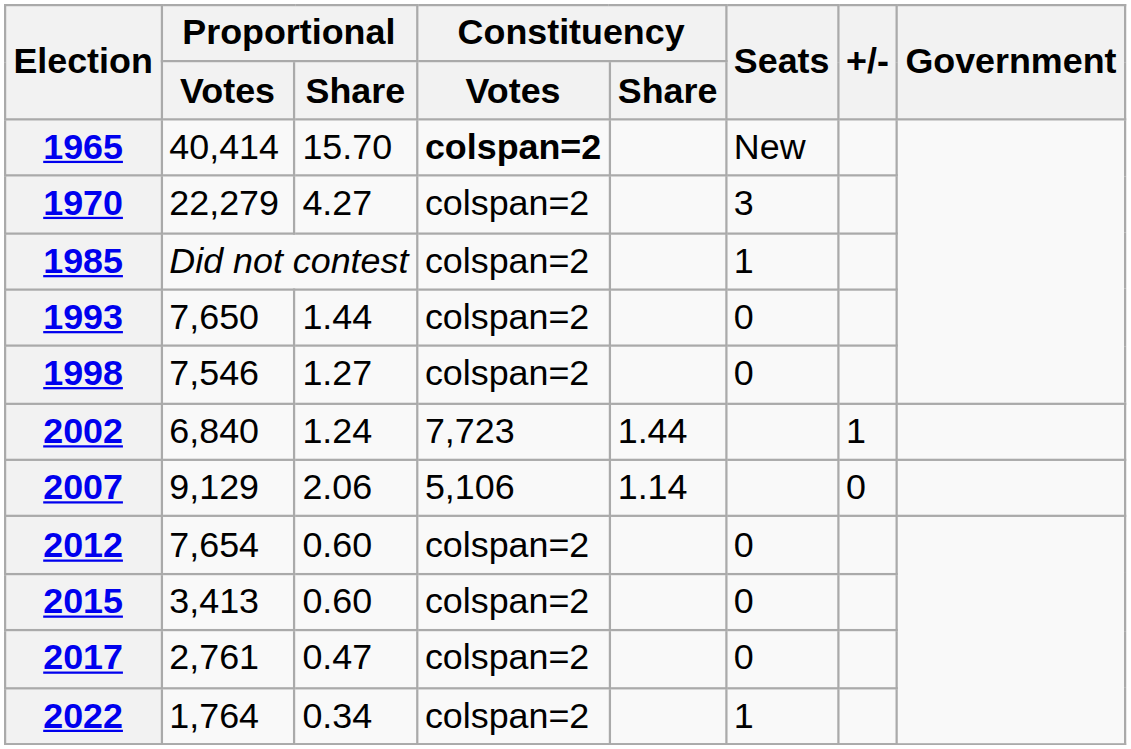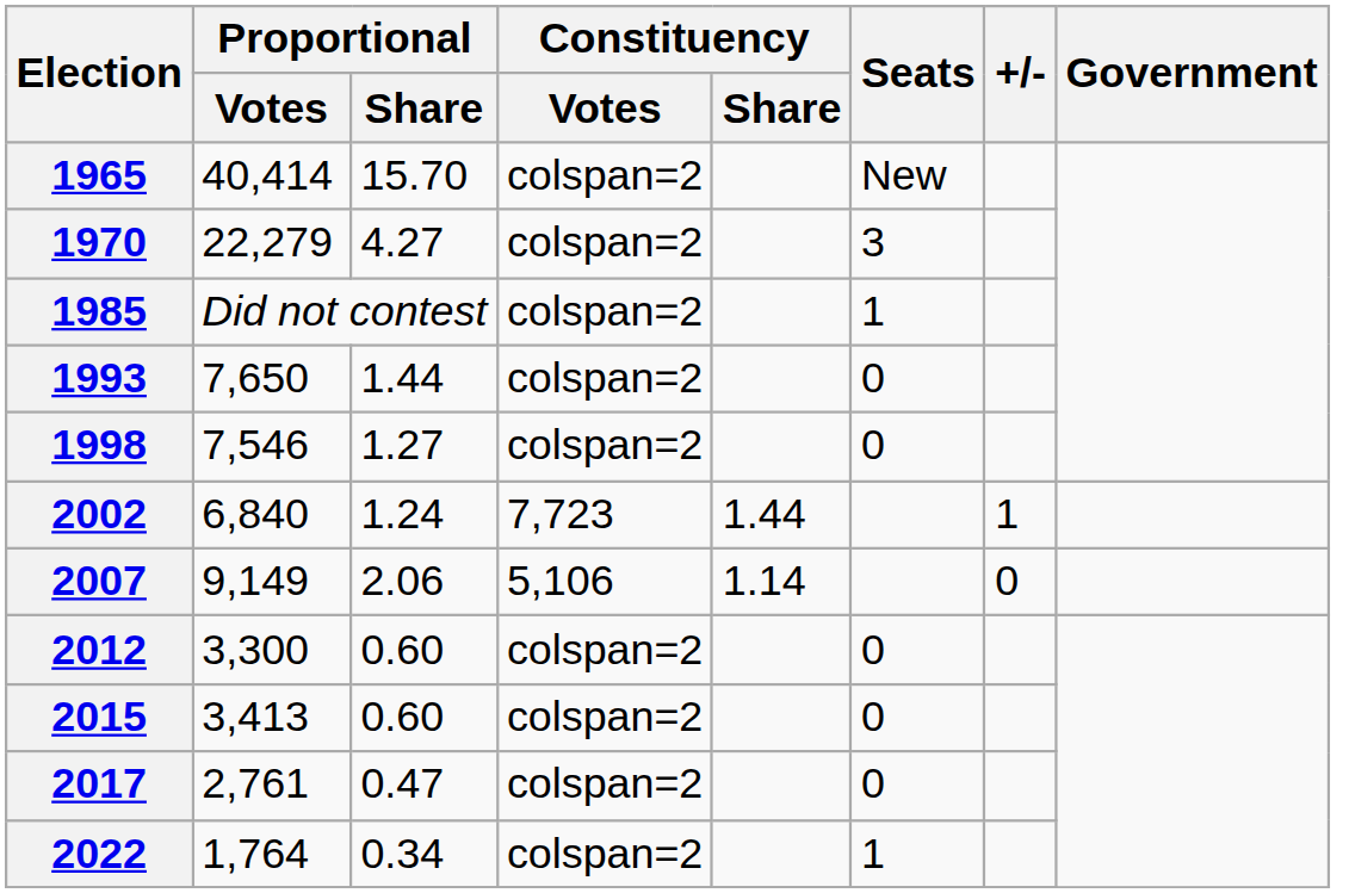 <table class="wikitable">
 <tr>
 <th rowspan=2>Election</th>
 <th colspan=2>Proportional</th>
 <th colspan=2>Constituency</th>
 <th rowspan=2>Seats</th>
 <th rowspan=2>+/-</th>
 <th rowspan=2>Government</th>
 </tr>
 <tr>
 <th>Votes</th>
 <th>Share</th>
 <th>Votes</th>
 <th>Share</th>
 </tr>
 <tr>
 <th><a href='#'>1965</a></th>
 <td>40,414</td>
 <td>15.70</td>
-<td><strong>colspan=2 </strong></td>
+<td>colspan=2 </td>
 <td></td>
 <td>New</td>
 <td></td>
 </tr>
 <tr>
 <th><a href='#'>1970</a></th>
 <td>22,279</td>
 <td>4.27</td>
 <td>colspan=2 </td>
 <td></td>
 <td> 3</td>
 <td></td>
 </tr>
 <tr>
 <th><a href='#'>1985</a></th>
 <td colspan=2><em>Did not contest</em></td>
 <td>colspan=2 </td>
 <td></td>
 <td> 1</td>
 <td></td>
 </tr>
 <tr>
 <th><a href='#'>1993</a></th>
 <td>7,650</td>
 <td>1.44</td>
 <td>colspan=2 </td>
 <td></td>
 <td> 0</td>
 <td></td>
 </tr>
 <tr>
 <th><a href='#'>1998</a></th>
 <td>7,546</td>
 <td>1.27</td>
 <td>colspan=2 </td>
 <td></td>
 <td> 0</td>
 <td></td>
 </tr>
 <tr>
 <th><a href='#'>2002</a></th>
 <td>6,840</td>
 <td>1.24</td>
 <td>7,723</td>
 <td>1.44</td>
 <td></td>
 <td> 1</td>
 <td></td>
 </tr>
 <tr>
 <th><a href='#'>2007</a></th>
-<td>9,129</td>
+<td>9,149</td>
 <td>2.06</td>
 <td>5,106</td>
 <td>1.14</td>
 <td></td>
 <td> 0</td>
 <td></td>
 </tr>
 <tr>
 <th><a href='#'>2012</a></th>
-<td>7,654</td>
+<td>3,300</td>
 <td>0.60</td>
 <td>colspan=2 </td>
 <td></td>
 <td> 0</td>
 <td></td>
 </tr>
 <tr>
 <th><a href='#'>2015</a></th>
 <td>3,413</td>
 <td>0.60</td>
 <td>colspan=2 </td>
 <td></td>
 <td> 0</td>
 <td></td>
 </tr>
 <tr>
 <th><a href='#'>2017</a></th>
 <td>2,761</td>
 <td>0.47</td>
 <td>colspan=2 </td>
 <td></td>
 <td> 0</td>
 <td></td>
 </tr>
 <tr>
 <th><a href='#'>2022</a></th>
 <td>1,764</td>
 <td>0.34</td>
 <td>colspan=2 </td>
 <td></td>
 <td> 1</td>
 <td></td>
 </tr>
 <tr>
 </tr>
 </table>
